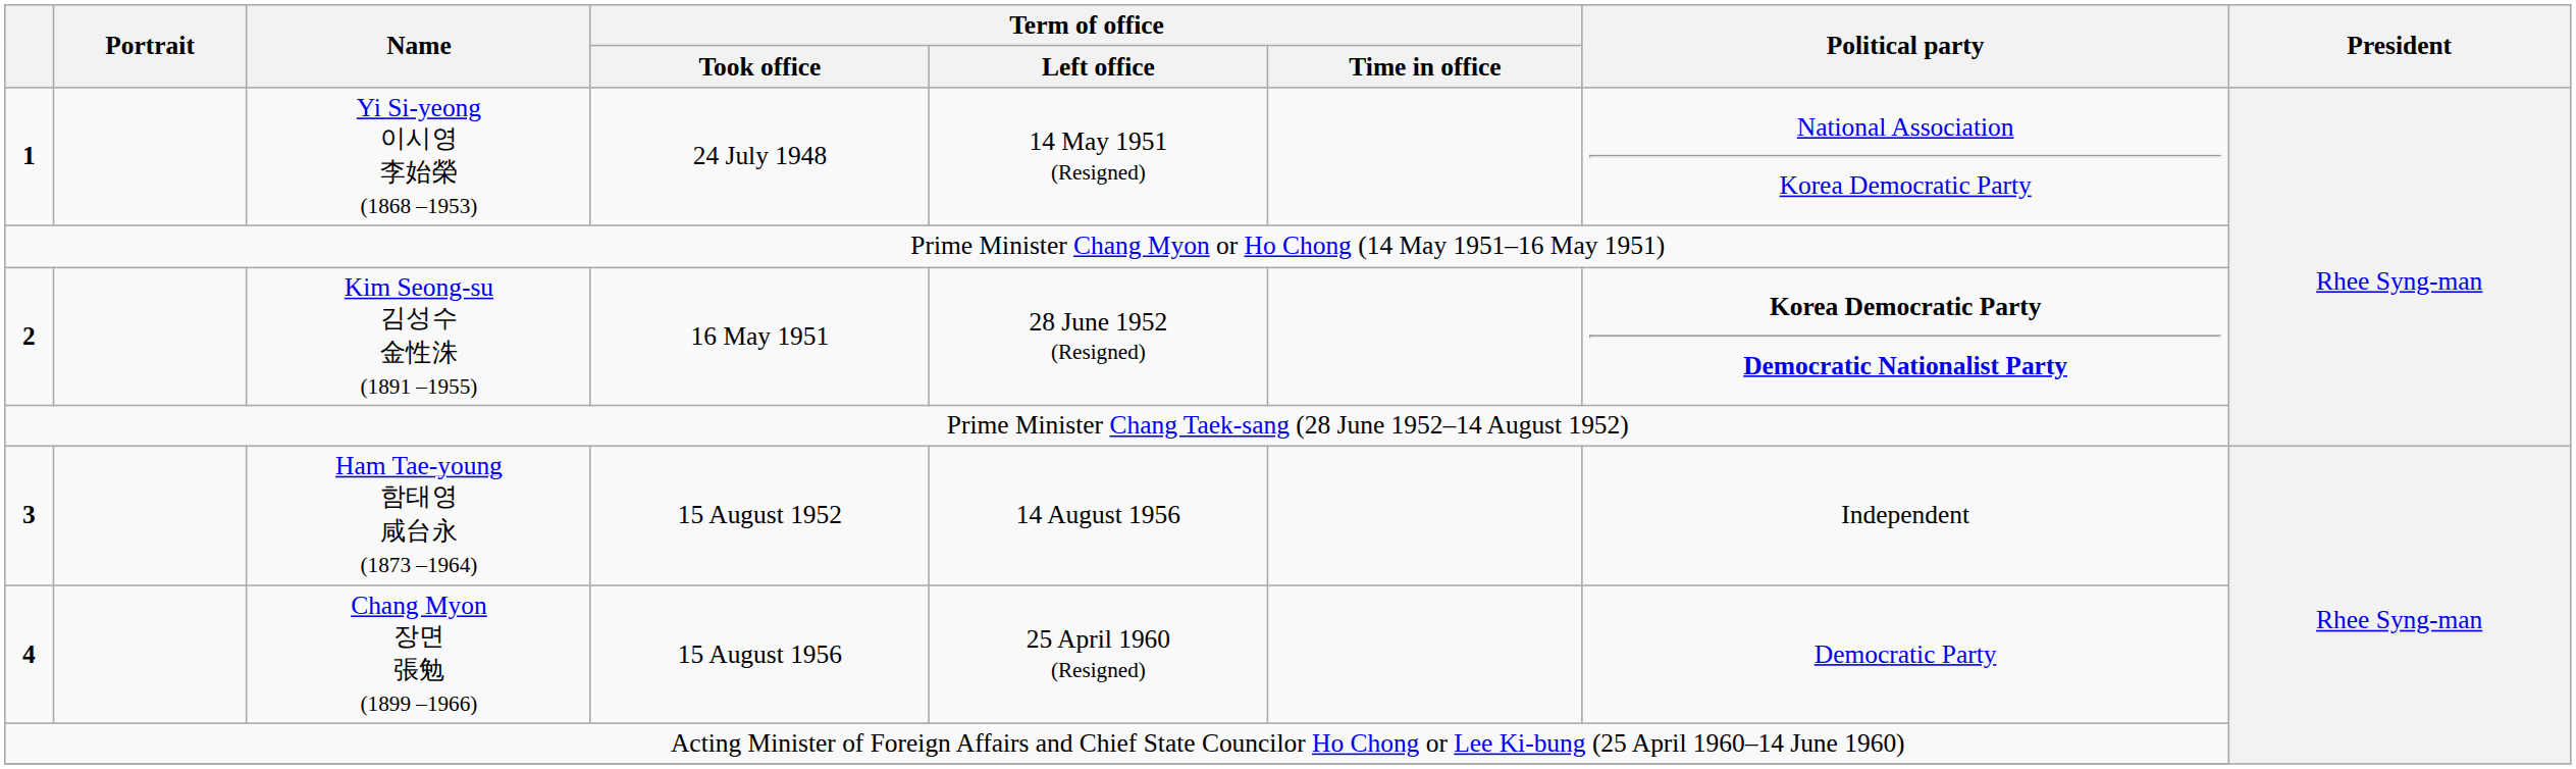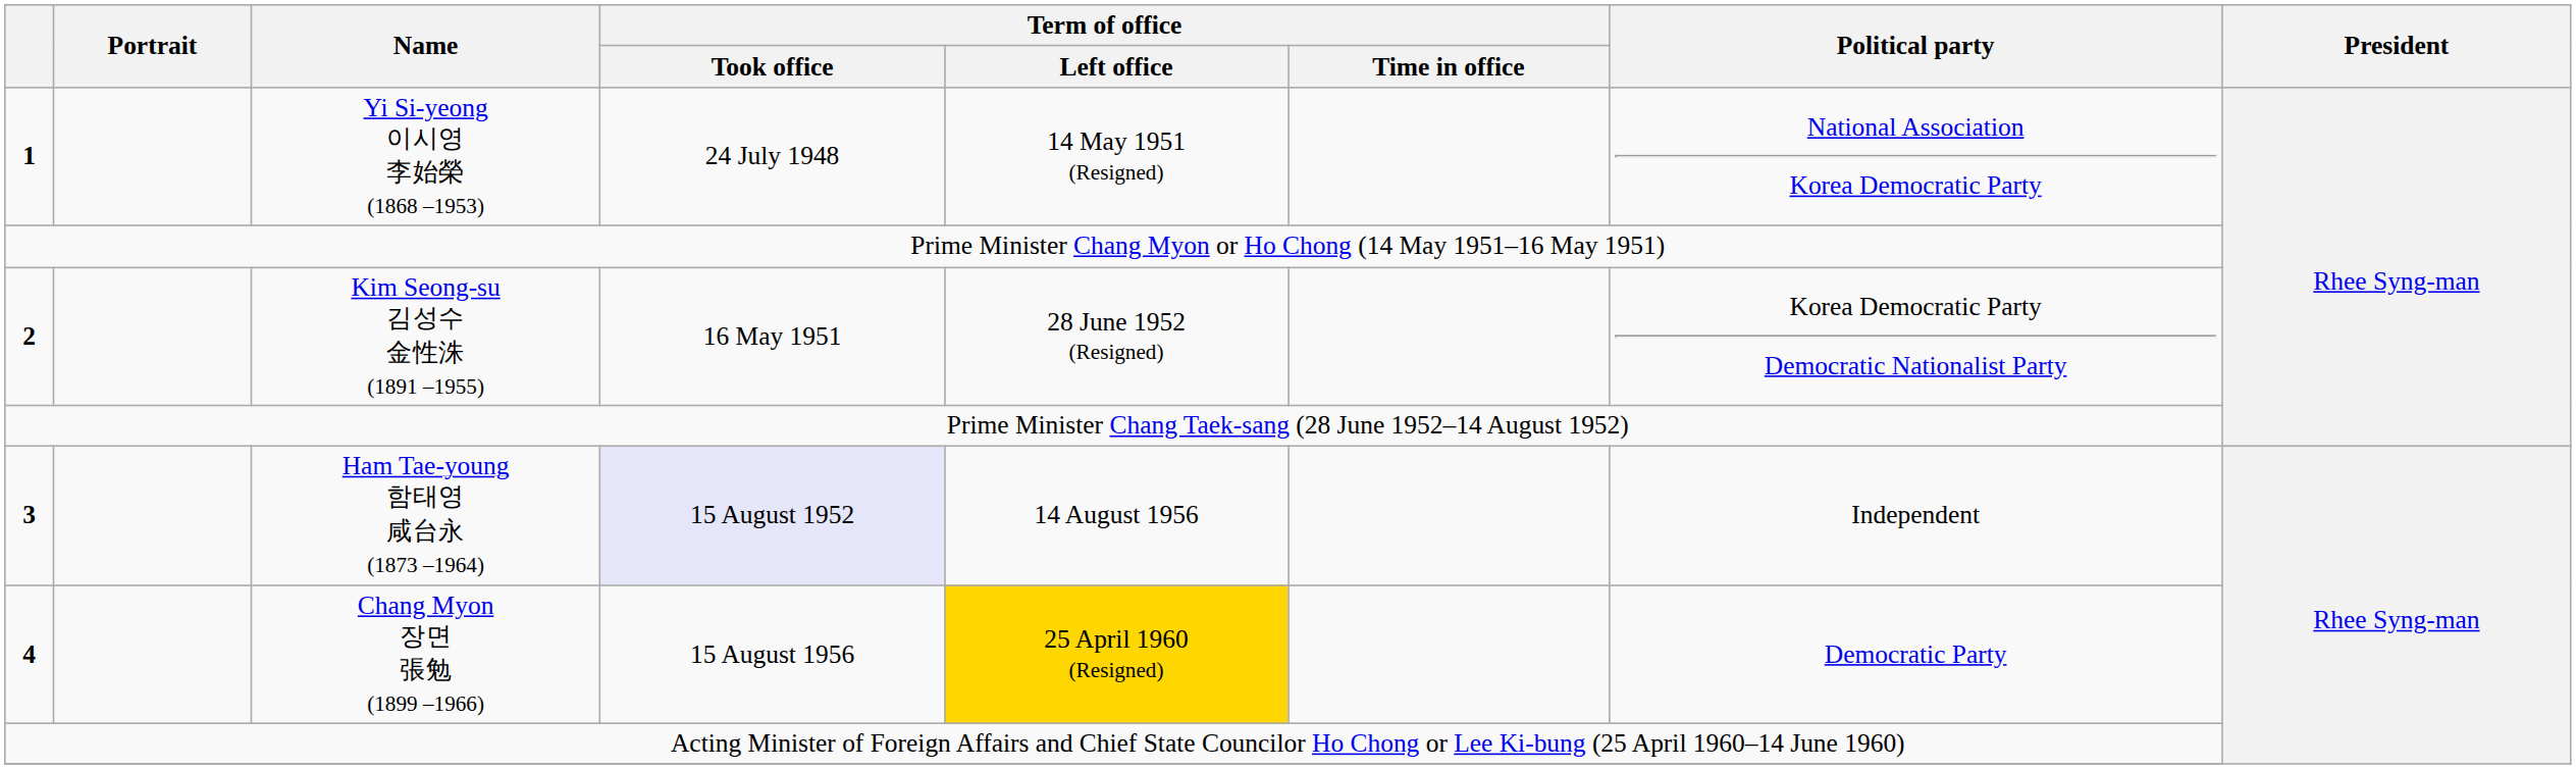 <table class="wikitable" width="100%" style="text-align:center">
 <tr>
 <th rowspan="2"></th>
 <th rowspan="2">Portrait</th>
 <th rowspan="2">Name</th>
 <th colspan="3">Term of office</th>
 <th rowspan="2">Political party</th>
 <th rowspan="2">President</th>
 </tr>
 <tr>
 <th>Took office</th>
 <th>Left office</th>
 <th>Time in office</th>
 </tr>
 <tr>
 <td style="background:"><strong>1</strong></td>
 <td></td>
 <td><a href='#'>Yi Si-yeong</a><br>이시영<br>李始榮<br><small>(1868 –1953)</small></td>
 <td>24 July 1948</td>
 <td>14 May 1951<br><small>(Resigned)</small></td>
 <td></td>
 <td><a href='#'>National Association</a><hr><a href='#'>Korea Democratic Party</a></td>
 <th rowspan="4" style="font-weight:normal;"><br><a href='#'>Rhee Syng-man</a></th>
 </tr>
 <tr>
 <td colspan="8">Prime Minister <a href='#'>Chang Myon</a> or <a href='#'>Ho Chong</a> (14 May 1951–16 May 1951)</td>
 </tr>
 <tr>
 <td style="background:"><strong>2</strong></td>
 <td></td>
 <td><a href='#'>Kim Seong-su</a><br>김성수<br>金性洙<br><small>(1891 –1955)</small></td>
 <td>16 May 1951</td>
 <td>28 June 1952<br><small>(Resigned)</small></td>
 <td></td>
-<td><strong>Korea Democratic Party<hr><a href='#'>Democratic Nationalist Party</a></strong></td>
+<td>Korea Democratic Party<hr><a href='#'>Democratic Nationalist Party</a></td>
 </tr>
 <tr>
 <td colspan="8">Prime Minister <a href='#'>Chang Taek-sang</a> (28 June 1952–14 August 1952)</td>
 </tr>
 <tr>
 <td style="background:"><strong>3</strong></td>
 <td></td>
 <td><a href='#'>Ham Tae-young</a><br>함태영<br>咸台永<br><small>(1873 –1964)</small></td>
-<td>15 August 1952</td>
+<td style="background: lavender;">15 August 1952</td>
 <td>14 August 1956</td>
 <td></td>
 <td>Independent</td>
 <th rowspan="4" style="font-weight:normal;"><br><a href='#'>Rhee Syng-man</a></th>
 </tr>
 <tr>
 <td style="background:"><strong>4</strong></td>
 <td></td>
 <td><a href='#'>Chang Myon</a><br>장면<br>張勉<br><small>(1899 –1966)</small></td>
 <td>15 August 1956</td>
-<td>25 April 1960<br><small>(Resigned)</small></td>
+<td style="background: gold;">25 April 1960<br><small>(Resigned)</small></td>
 <td></td>
 <td><a href='#'>Democratic Party</a></td>
 </tr>
 <tr>
 <td colspan="8">Acting Minister of Foreign Affairs and Chief State Councilor <a href='#'>Ho Chong</a> or <a href='#'>Lee Ki-bung</a> (25 April 1960–14 June 1960)</td>
 </tr>
 <tr>
 </tr>
 </table>
